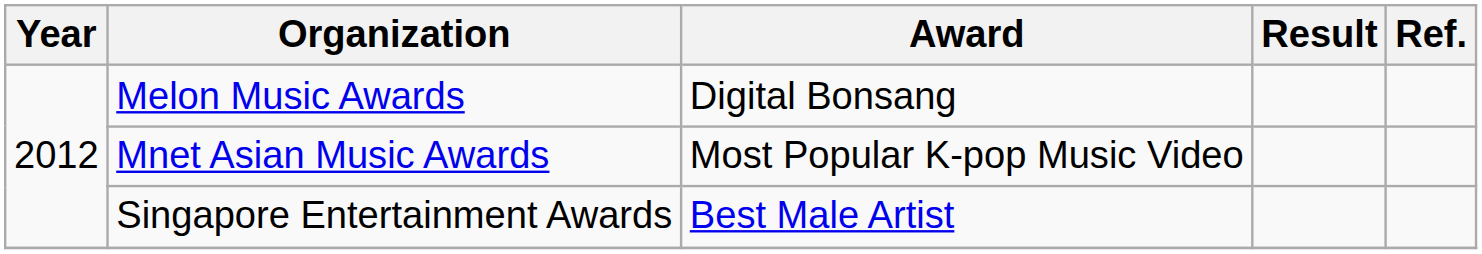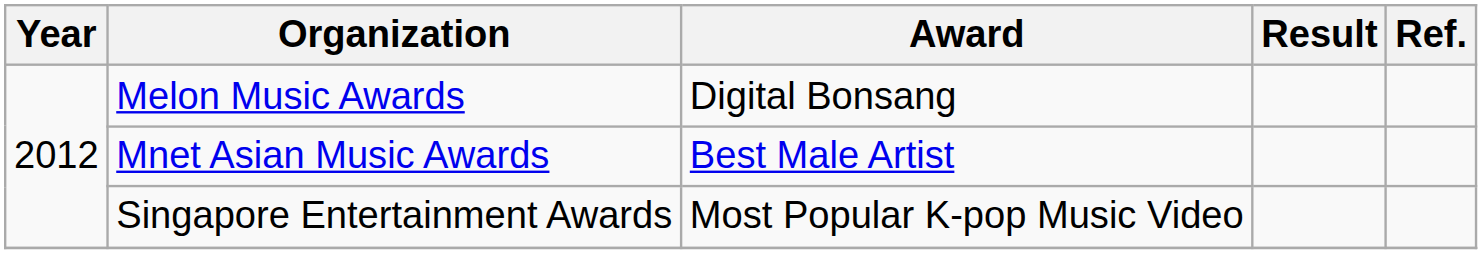 <table class="wikitable plainrowheaders">
 <tr>
 <th scope="col">Year</th>
 <th scope="col">Organization</th>
 <th scope="col">Award</th>
 <th scope="col">Result</th>
 <th>Ref.</th>
 </tr>
 <tr>
 <td rowspan="3">2012</td>
 <td><a href='#'>Melon Music Awards</a></td>
 <td>Digital Bonsang</td>
 <td></td>
 <td></td>
 </tr>
 <tr>
 <td><a href='#'>Mnet Asian Music Awards</a></td>
-<td>Most Popular K-pop Music Video</td>
+<td><a href='#'>Best Male Artist</a></td>
 <td></td>
 <td align="center"></td>
 </tr>
 <tr>
 <td>Singapore Entertainment Awards</td>
-<td><a href='#'>Best Male Artist</a></td>
+<td>Most Popular K-pop Music Video</td>
 <td></td>
 <td align="center"></td>
 </tr>
 <tr>
 </tr>
 </table>
